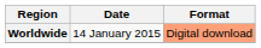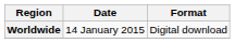 <table class="wikitable plainrowheaders">
 <tr>
 <th>Region</th>
 <th>Date</th>
 <th>Format</th>
 </tr>
 <tr>
 <th scope="row">Worldwide</th>
 <td>14 January 2015</td>
-<td style="background: lightsalmon;">Digital download</td>
+<td>Digital download</td>
 </tr>
 <tr>
 </tr>
 </table>
